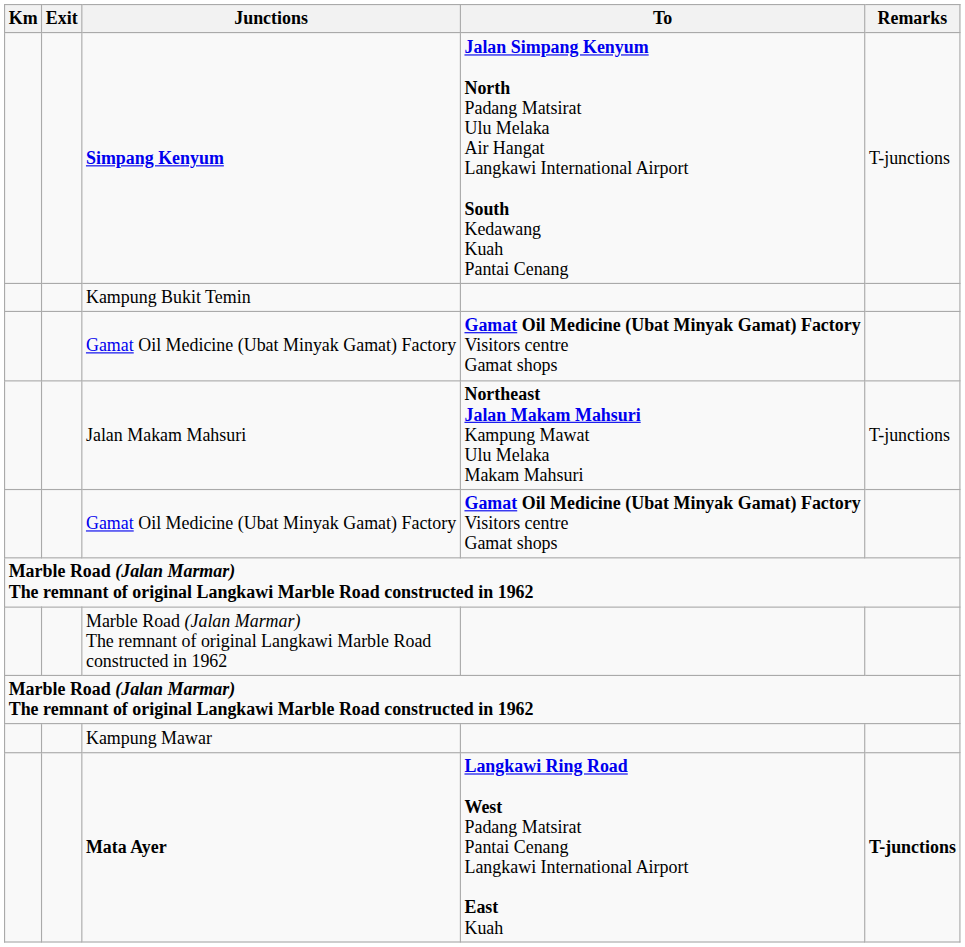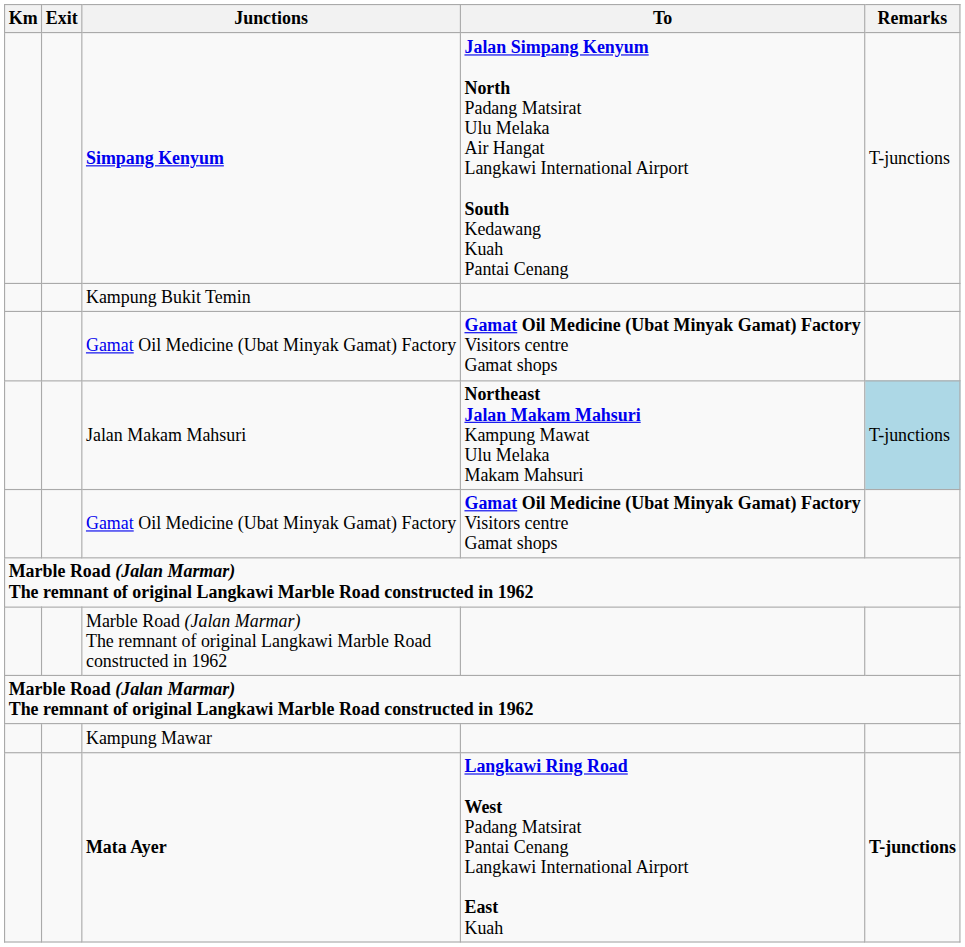 <table class="wikitable">
 <tr>
 <th>Km</th>
 <th>Exit</th>
 <th>Junctions</th>
 <th>To</th>
 <th>Remarks</th>
 </tr>
 <tr>
 <td></td>
 <td></td>
 <td><strong><a href='#'>Simpang Kenyum</a></strong></td>
 <td> <strong><a href='#'>Jalan Simpang Kenyum</a></strong><br><br><strong>North</strong><br>Padang Matsirat<br>Ulu Melaka<br>Air Hangat<br>Langkawi International Airport <br><br><strong>South</strong><br>Kedawang<br>Kuah<br>Pantai Cenang</td>
 <td>T-junctions</td>
 </tr>
 <tr>
 <td></td>
 <td></td>
 <td>Kampung Bukit Temin</td>
 <td></td>
 <td></td>
 </tr>
 <tr>
 <td></td>
 <td></td>
 <td><a href='#'>Gamat</a> Oil Medicine (Ubat Minyak Gamat) Factory</td>
 <td><strong><a href='#'>Gamat</a> Oil Medicine (Ubat Minyak Gamat) Factory</strong><br>Visitors centre<br>Gamat shops<br></td>
 <td></td>
 </tr>
 <tr>
 <td></td>
 <td></td>
 <td>Jalan Makam Mahsuri</td>
 <td><strong>Northeast</strong><br> <strong><a href='#'>Jalan Makam Mahsuri</a></strong><br>Kampung Mawat<br>Ulu Melaka<br>Makam Mahsuri</td>
-<td>T-junctions</td>
+<td style="background: lightblue;">T-junctions</td>
 </tr>
 <tr>
 <td></td>
 <td></td>
 <td><a href='#'>Gamat</a> Oil Medicine (Ubat Minyak Gamat) Factory</td>
 <td><strong><a href='#'>Gamat</a> Oil Medicine (Ubat Minyak Gamat) Factory</strong><br>Visitors centre<br>Gamat shops<br></td>
 <td></td>
 </tr>
 <tr>
 <td style="width:600px" colspan="6" style="text-align:center; background:white;"><strong><span>Marble Road <em>(Jalan Marmar)</em><br>The remnant of original Langkawi Marble Road constructed in 1962</span></strong></td>
 </tr>
 <tr>
 <td></td>
 <td></td>
 <td>Marble Road <em>(Jalan Marmar)</em><br>The remnant of original Langkawi Marble Road<br>constructed in 1962</td>
 <td></td>
 <td></td>
 </tr>
 <tr>
 <td style="width:600px" colspan="6" style="text-align:center; background:white;"><strong><span>Marble Road <em>(Jalan Marmar)</em><br>The remnant of original Langkawi Marble Road constructed in 1962</span></strong></td>
 </tr>
 <tr>
 <td></td>
 <td></td>
 <td>Kampung Mawar</td>
 <td></td>
 <td></td>
 </tr>
 <tr>
 <td></td>
 <td></td>
 <td><strong>Mata Ayer</strong></td>
 <td> <strong><a href='#'>Langkawi Ring Road</a></strong><br><br><strong>West</strong><br>Padang Matsirat<br>Pantai Cenang<br>Langkawi International Airport <br><br><strong>East</strong><br>Kuah</td>
 <td><strong>T-junctions</strong></td>
 </tr>
 </table>
